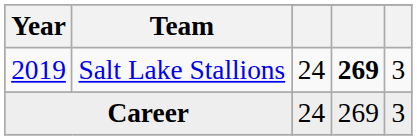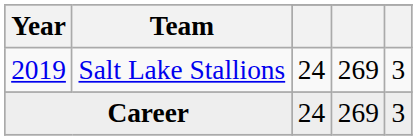 <table class="wikitable sortable" style="text-align:center">
 <tr>
 <th rowspan=2>Year</th>
 <th rowspan=2>Team</th>
 </tr>
 <tr>
 <th></th>
 <th></th>
 <th></th>
 </tr>
 <tr>
 <td><a href='#'>2019</a></td>
 <td><a href='#'>Salt Lake Stallions</a></td>
 <td>24</td>
-<td><strong>269</strong></td>
+<td>269</td>
 <td>3</td>
 </tr>
 <tr class="sortbottom" style="background:#eee;">
 <td colspan=2><strong>Career</strong></td>
 <td>24</td>
 <td>269</td>
 <td>3</td>
 </tr>
 </table>
